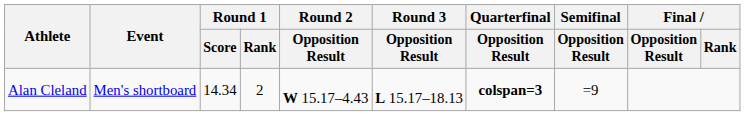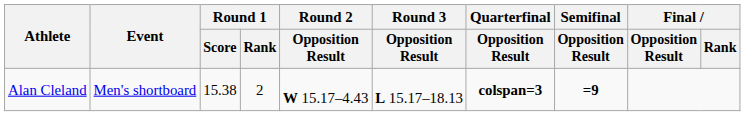 <table class=wikitable style="font-size:90%">
 <tr>
 <th rowspan=2>Athlete</th>
 <th rowspan=2>Event</th>
 <th colspan=2>Round 1</th>
 <th>Round 2</th>
 <th>Round 3</th>
 <th>Quarterfinal</th>
 <th>Semifinal</th>
 <th colspan=2>Final / </th>
 </tr>
 <tr style=font-size:95%>
 <th>Score</th>
 <th>Rank</th>
 <th>Opposition<br>Result</th>
 <th>Opposition<br>Result</th>
 <th>Opposition<br>Result</th>
 <th>Opposition<br>Result</th>
 <th>Opposition<br>Result</th>
 <th>Rank</th>
 </tr>
 <tr align=center>
 <td align=left><a href='#'>Alan Cleland</a></td>
 <td align=left><a href='#'>Men's shortboard</a></td>
-<td>14.34</td>
+<td>15.38</td>
 <td>2 <strong></strong></td>
 <td><br><strong>W</strong> 15.17–4.43</td>
 <td><br><strong>L</strong> 15.17–18.13</td>
 <td><strong>colspan=3</strong></td>
-<td>=9</td>
+<td><strong>=9</strong></td>
 </tr>
 </table>
